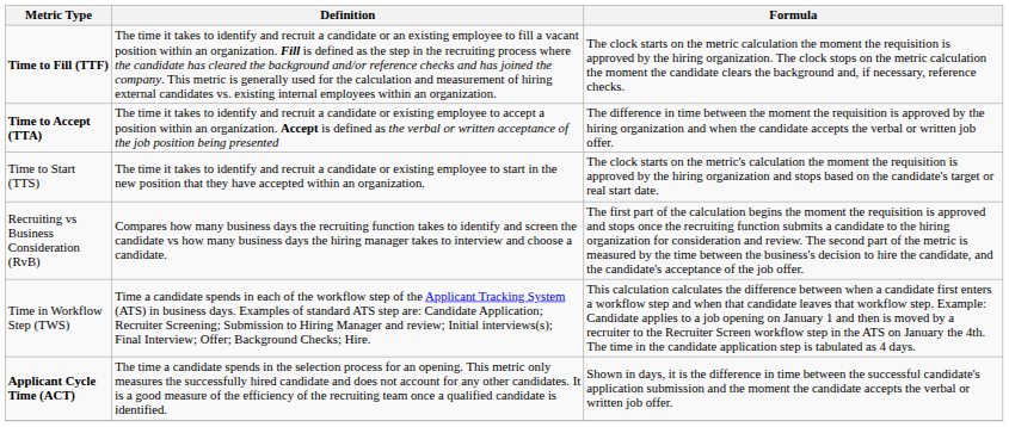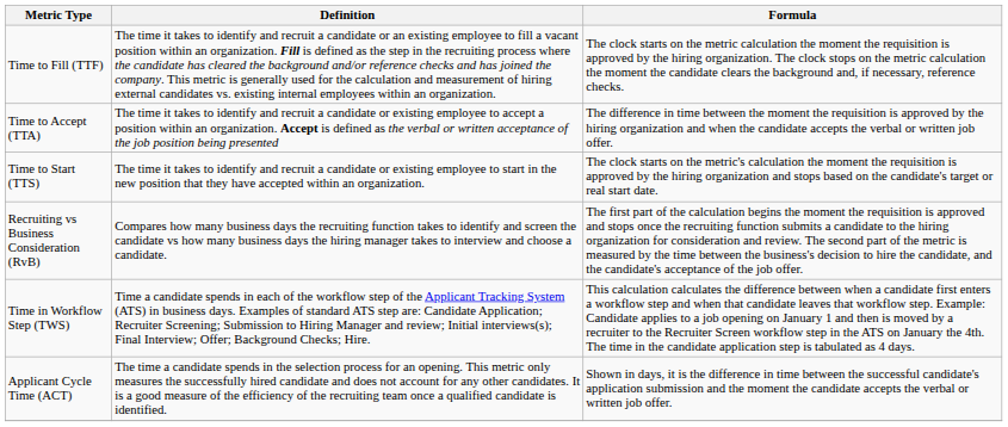 <table class="wikitable">
 <tr>
 <th>Metric Type</th>
 <th>Definition</th>
 <th>Formula</th>
 </tr>
 <tr>
-<td><strong>Time to Fill (TTF)</strong></td>
+<td>Time to Fill (TTF)</td>
 <td>The time it takes to identify and recruit a candidate or an existing employee to fill a vacant position within an organization. <strong><em>Fill</em></strong> is defined as the step in the recruiting process where <em>the candidate has cleared the background and/or reference checks and has joined the company</em>. This metric is generally used for the calculation and measurement of hiring external candidates vs. existing internal employees within an organization.</td>
 <td>The clock starts on the metric calculation the moment the requisition is approved by the hiring organization. The clock stops on the metric calculation the moment the candidate clears the background and, if necessary, reference checks.</td>
 </tr>
 <tr>
-<td><strong>Time to Accept (TTA)</strong></td>
+<td>Time to Accept (TTA)</td>
 <td>The time it takes to identify and recruit a candidate or existing employee to accept a position within an organization. <strong>Accept</strong> is defined as <em>the verbal or written acceptance of the job position being presented</em></td>
 <td>The difference in time between the moment the requisition is approved by the hiring organization and when the candidate accepts the verbal or written job offer.</td>
 </tr>
 <tr>
 <td>Time to Start (TTS)</td>
 <td>The time it takes to identify and recruit a candidate or existing employee to start in the new position that they have accepted within an organization.</td>
 <td>The clock starts on the metric's calculation the moment the requisition is approved by the hiring organization and stops based on the candidate's target or real start date.</td>
 </tr>
 <tr>
 <td>Recruiting vs Business Consideration (RvB)</td>
 <td>Compares how many business days the recruiting function takes to identify and screen the candidate vs how many business days the hiring manager takes to interview and choose a candidate.</td>
 <td>The first part of the calculation begins the moment the requisition is approved and stops once the recruiting function submits a candidate to the hiring organization for consideration and review. The second part of the metric is measured by the time between the business's decision to hire the candidate, and the candidate's acceptance of the job offer.</td>
 </tr>
 <tr>
 <td>Time in Workflow Step (TWS)</td>
 <td>Time a candidate spends in each of the workflow step of the <a href='#'>Applicant Tracking System</a> (ATS) in business days. Examples of standard ATS step are: Candidate Application; Recruiter Screening; Submission to Hiring Manager and review; Initial interviews(s); Final Interview; Offer; Background Checks; Hire.</td>
 <td>This calculation calculates the difference between when a candidate first enters a workflow step and when that candidate leaves that workflow step. Example: Candidate applies to a job opening on January 1 and then is moved by a recruiter to the Recruiter Screen workflow step in the ATS on January the 4th. The time in the candidate application step is tabulated as 4 days.</td>
 </tr>
 <tr>
-<td><strong>Applicant Cycle Time (ACT)</strong></td>
+<td>Applicant Cycle Time (ACT)</td>
 <td>The time a candidate spends in the selection process for an opening.  This metric only measures the successfully hired candidate and does not account for any other candidates.  It is a good measure of the efficiency of the recruiting team once a qualified candidate is identified.</td>
 <td>Shown in days, it is the difference in time between the successful candidate's application submission and the moment the candidate accepts the verbal or written job offer.</td>
 </tr>
 <tr>
 </tr>
 </table>
